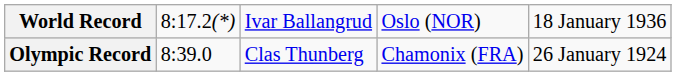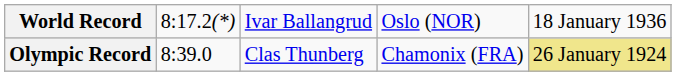 <table class="wikitable" style="font-size:95%;">
 <tr>
 <th>World Record</th>
 <td>8:17.2<em>(*)</em></td>
 <td> <a href='#'>Ivar Ballangrud</a></td>
 <td><a href='#'>Oslo</a> (<a href='#'>NOR</a>)</td>
 <td>18 January 1936</td>
 </tr>
 <tr>
 <th>Olympic Record</th>
 <td>8:39.0</td>
 <td> <a href='#'>Clas Thunberg</a></td>
 <td><a href='#'>Chamonix</a> (<a href='#'>FRA</a>)</td>
-<td>26 January 1924</td>
+<td style="background: khaki;">26 January 1924</td>
 </tr>
 </table>
